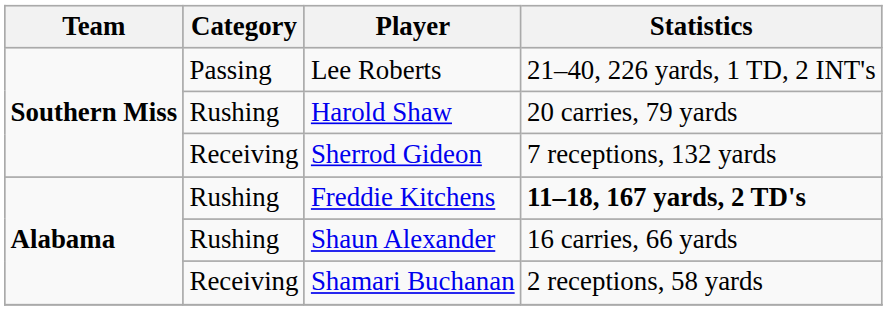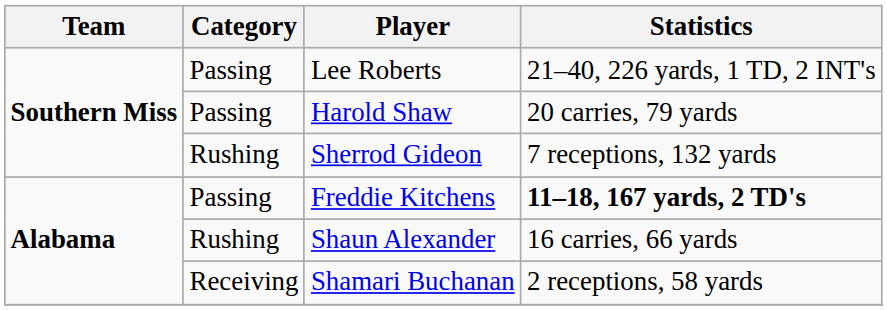 <table class="wikitable" style="float: right;">
 <tr>
 <th>Team</th>
 <th>Category</th>
 <th>Player</th>
 <th>Statistics</th>
 </tr>
 <tr>
 <td rowspan=3><strong>Southern Miss</strong></td>
 <td>Passing</td>
 <td>Lee Roberts</td>
 <td>21–40, 226 yards, 1 TD, 2 INT's</td>
 </tr>
 <tr>
-<td>Rushing</td>
+<td>Passing</td>
 <td><a href='#'>Harold Shaw</a></td>
 <td>20 carries, 79 yards</td>
 </tr>
 <tr>
-<td>Receiving</td>
+<td>Rushing</td>
 <td><a href='#'>Sherrod Gideon</a></td>
 <td>7 receptions, 132 yards</td>
 </tr>
 <tr>
 <td rowspan=3><strong>Alabama</strong></td>
-<td>Rushing</td>
+<td>Passing</td>
 <td><a href='#'>Freddie Kitchens</a></td>
 <td><strong>11–18, 167 yards, 2 TD's</strong></td>
 </tr>
 <tr>
 <td>Rushing</td>
 <td><a href='#'>Shaun Alexander</a></td>
 <td>16 carries, 66 yards</td>
 </tr>
 <tr>
 <td>Receiving</td>
 <td><a href='#'>Shamari Buchanan</a></td>
 <td>2 receptions, 58 yards</td>
 </tr>
 <tr>
 </tr>
 </table>
